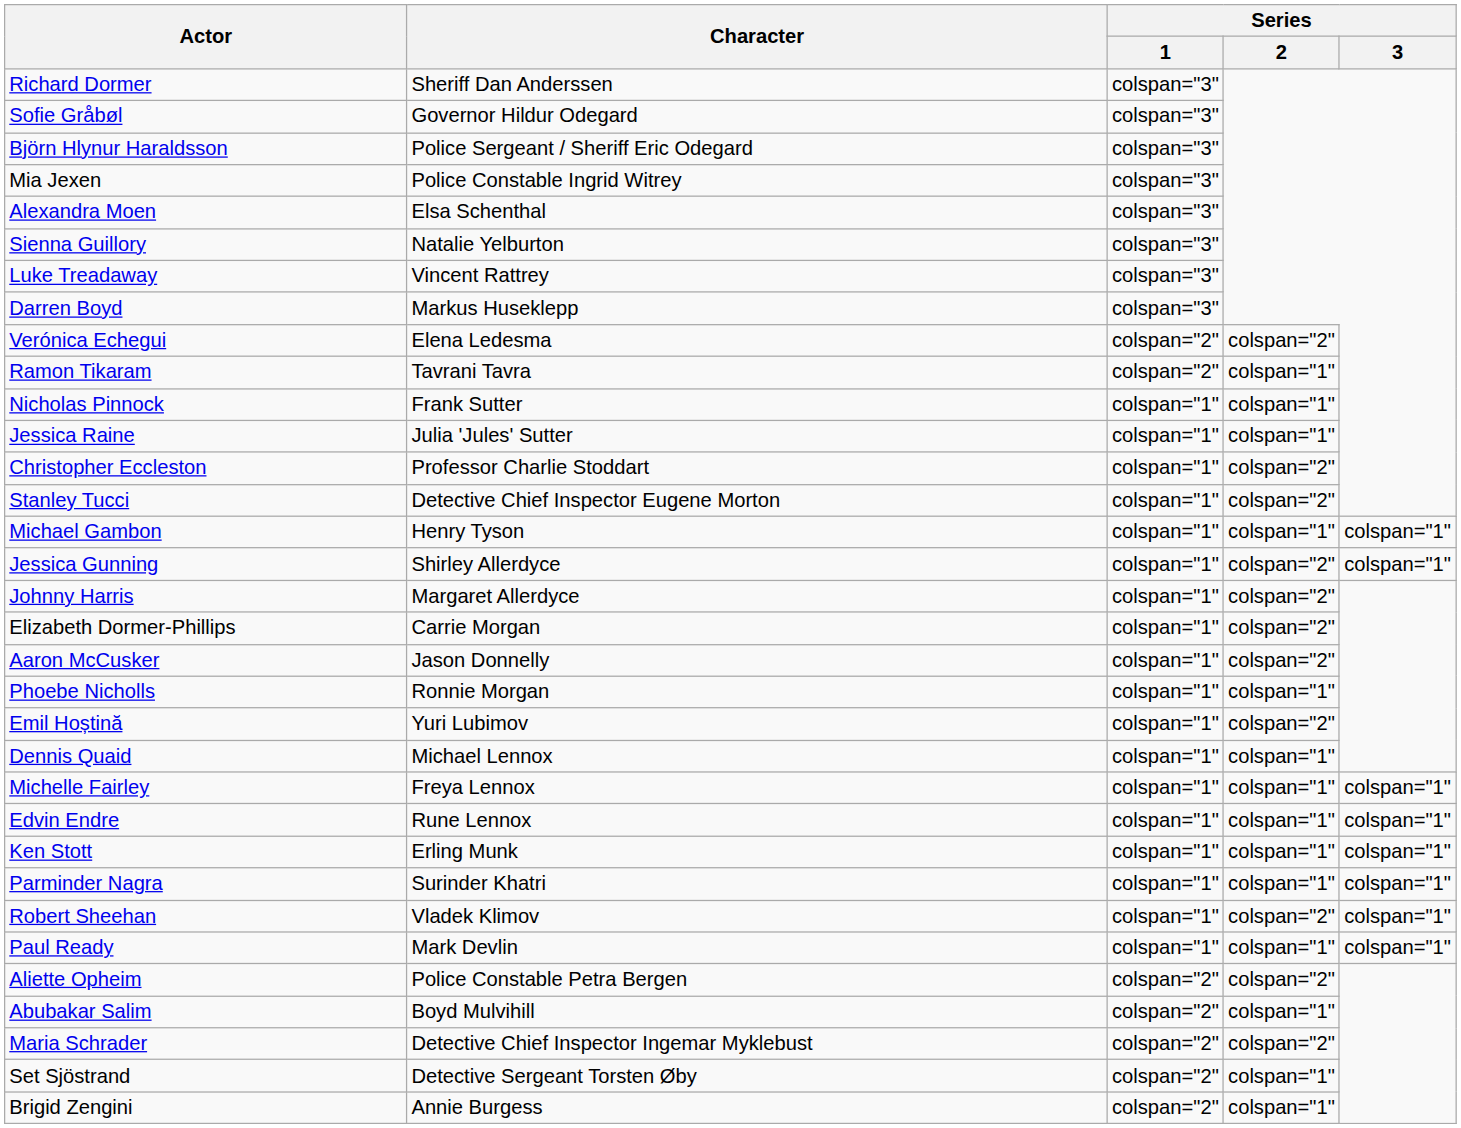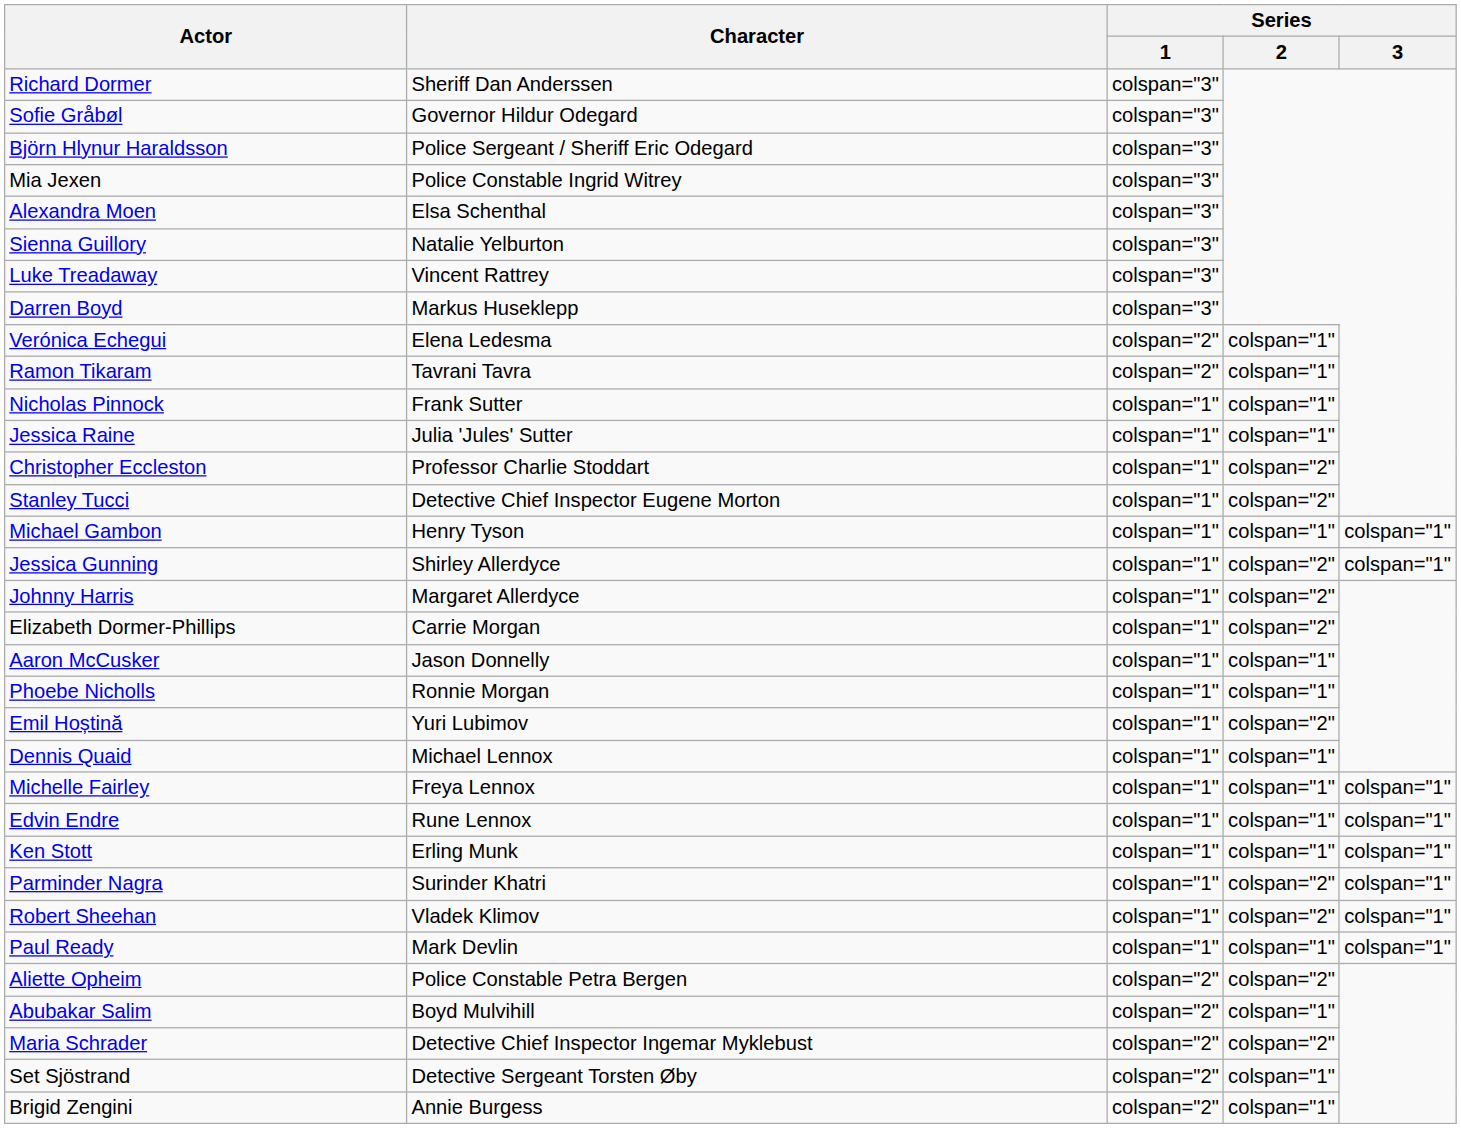 <table class="wikitable plainrowheaders">
 <tr>
 <th scope="col" rowspan="2">Actor</th>
 <th scope="col" rowspan="2">Character</th>
 <th scope="col" colspan="5">Series</th>
 </tr>
 <tr>
 <th scope="col" style="width:8%;">1</th>
 <th scope="col" style="width:8%;">2</th>
 <th scope="col" style="width:8%;">3</th>
 </tr>
 <tr>
 <td><a href='#'>Richard Dormer</a></td>
 <td>Sheriff Dan Anderssen</td>
 <td>colspan="3" </td>
 </tr>
 <tr>
 <td><a href='#'>Sofie Gråbøl</a></td>
 <td>Governor Hildur Odegard</td>
 <td>colspan="3" </td>
 </tr>
 <tr>
 <td><a href='#'>Björn Hlynur Haraldsson</a></td>
 <td>Police Sergeant / Sheriff Eric Odegard</td>
 <td>colspan="3" </td>
 </tr>
 <tr>
 <td>Mia Jexen</td>
 <td>Police Constable Ingrid Witrey</td>
 <td>colspan="3" </td>
 </tr>
 <tr>
 <td><a href='#'>Alexandra Moen</a></td>
 <td>Elsa Schenthal</td>
 <td>colspan="3" </td>
 </tr>
 <tr>
 <td><a href='#'>Sienna Guillory</a></td>
 <td>Natalie Yelburton</td>
 <td>colspan="3" </td>
 </tr>
 <tr>
 <td><a href='#'>Luke Treadaway</a></td>
 <td>Vincent Rattrey</td>
 <td>colspan="3" </td>
 </tr>
 <tr>
 <td><a href='#'>Darren Boyd</a></td>
 <td>Markus Huseklepp</td>
 <td>colspan="3" </td>
 </tr>
 <tr>
 <td><a href='#'>Verónica Echegui</a></td>
 <td>Elena Ledesma</td>
 <td>colspan="2" </td>
-<td>colspan="2" </td>
+<td>colspan="1" </td>
 </tr>
 <tr>
 <td><a href='#'>Ramon Tikaram</a></td>
 <td>Tavrani Tavra</td>
 <td>colspan="2" </td>
 <td>colspan="1" </td>
 </tr>
 <tr>
 <td><a href='#'>Nicholas Pinnock</a></td>
 <td>Frank Sutter</td>
 <td>colspan="1" </td>
 <td>colspan="1" </td>
 </tr>
 <tr>
 <td><a href='#'>Jessica Raine</a></td>
 <td>Julia 'Jules' Sutter</td>
 <td>colspan="1" </td>
 <td>colspan="1" </td>
 </tr>
 <tr>
 <td><a href='#'>Christopher Eccleston</a></td>
 <td>Professor Charlie Stoddart</td>
 <td>colspan="1" </td>
 <td>colspan="2" </td>
 </tr>
 <tr>
 <td><a href='#'>Stanley Tucci</a></td>
 <td>Detective Chief Inspector Eugene Morton</td>
 <td>colspan="1" </td>
 <td>colspan="2" </td>
 </tr>
 <tr>
 <td><a href='#'>Michael Gambon</a></td>
 <td>Henry Tyson</td>
 <td>colspan="1" </td>
 <td>colspan="1" </td>
 <td>colspan="1" </td>
 </tr>
 <tr>
 <td><a href='#'>Jessica Gunning</a></td>
 <td>Shirley Allerdyce</td>
 <td>colspan="1" </td>
 <td>colspan="2" </td>
 <td>colspan="1" </td>
 </tr>
 <tr>
 <td><a href='#'>Johnny Harris</a></td>
 <td>Margaret Allerdyce</td>
 <td>colspan="1" </td>
 <td>colspan="2" </td>
 </tr>
 <tr>
 <td>Elizabeth Dormer-Phillips</td>
 <td>Carrie Morgan</td>
 <td>colspan="1" </td>
 <td>colspan="2" </td>
 </tr>
 <tr>
 <td><a href='#'>Aaron McCusker</a></td>
 <td>Jason Donnelly</td>
 <td>colspan="1" </td>
-<td>colspan="2" </td>
+<td>colspan="1" </td>
 </tr>
 <tr>
 <td><a href='#'>Phoebe Nicholls</a></td>
 <td>Ronnie Morgan</td>
 <td>colspan="1" </td>
 <td>colspan="1" </td>
 </tr>
 <tr>
 <td><a href='#'>Emil Hoștină</a></td>
 <td>Yuri Lubimov</td>
 <td>colspan="1" </td>
 <td>colspan="2" </td>
 </tr>
 <tr>
 <td><a href='#'>Dennis Quaid</a></td>
 <td>Michael Lennox</td>
 <td>colspan="1" </td>
 <td>colspan="1" </td>
 </tr>
 <tr>
 <td><a href='#'>Michelle Fairley</a></td>
 <td>Freya Lennox</td>
 <td>colspan="1" </td>
 <td>colspan="1" </td>
 <td>colspan="1" </td>
 </tr>
 <tr>
 <td><a href='#'>Edvin Endre</a></td>
 <td>Rune Lennox</td>
 <td>colspan="1" </td>
 <td>colspan="1" </td>
 <td>colspan="1" </td>
 </tr>
 <tr>
 <td><a href='#'>Ken Stott</a></td>
 <td>Erling Munk</td>
 <td>colspan="1" </td>
 <td>colspan="1" </td>
 <td>colspan="1" </td>
 </tr>
 <tr>
 <td><a href='#'>Parminder Nagra</a></td>
 <td>Surinder Khatri</td>
 <td>colspan="1" </td>
-<td>colspan="1" </td>
+<td>colspan="2" </td>
 <td>colspan="1" </td>
 </tr>
 <tr>
 <td><a href='#'>Robert Sheehan</a></td>
 <td>Vladek Klimov</td>
 <td>colspan="1" </td>
 <td>colspan="2" </td>
 <td>colspan="1" </td>
 </tr>
 <tr>
 <td><a href='#'>Paul Ready</a></td>
 <td>Mark Devlin</td>
 <td>colspan="1" </td>
 <td>colspan="1" </td>
 <td>colspan="1" </td>
 </tr>
 <tr>
 <td><a href='#'>Aliette Opheim</a></td>
 <td>Police Constable Petra Bergen</td>
 <td>colspan="2" </td>
 <td>colspan="2" </td>
 </tr>
 <tr>
 <td><a href='#'>Abubakar Salim</a></td>
 <td>Boyd Mulvihill</td>
 <td>colspan="2" </td>
 <td>colspan="1" </td>
 </tr>
 <tr>
 <td><a href='#'>Maria Schrader</a></td>
 <td>Detective Chief Inspector Ingemar Myklebust</td>
 <td>colspan="2" </td>
 <td>colspan="2" </td>
 </tr>
 <tr>
 <td>Set Sjöstrand</td>
 <td>Detective Sergeant Torsten Øby</td>
 <td>colspan="2" </td>
 <td>colspan="1" </td>
 </tr>
 <tr>
 <td>Brigid Zengini</td>
 <td>Annie Burgess</td>
 <td>colspan="2" </td>
 <td>colspan="1" </td>
 </tr>
 <tr>
 </tr>
 </table>
